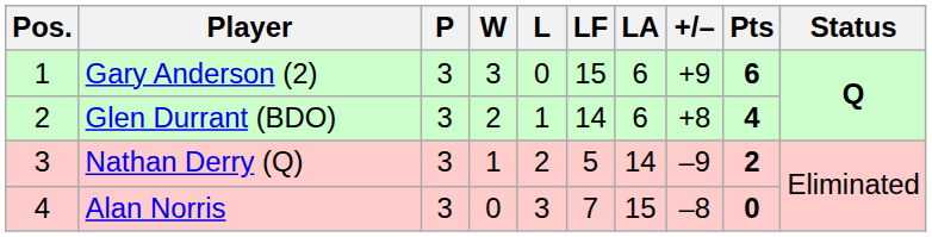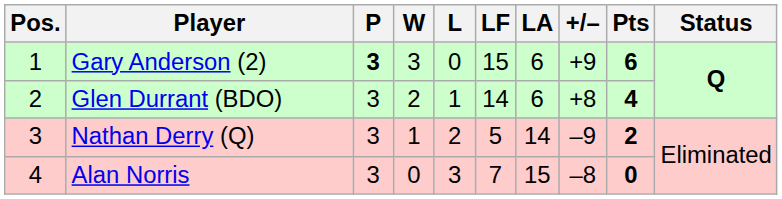 <table class="wikitable" style="text-align:center; margin: 1em auto 1em auto, align:left">
 <tr>
 <th width=20>Pos.</th>
 <th width=185>Player</th>
 <th width=20>P</th>
 <th width=20>W</th>
 <th width=20>L</th>
 <th width=20>LF</th>
 <th width=20>LA</th>
 <th width=25>+/–</th>
 <th width=20>Pts</th>
 <th width=70>Status</th>
 </tr>
 <tr style="background:#CCFFCC;">
 <td>1</td>
 <td align=left> <a href='#'>Gary Anderson</a> (2)</td>
-<td>3</td>
+<td><strong>3</strong></td>
 <td>3</td>
 <td>0</td>
 <td>15</td>
 <td>6</td>
 <td>+9</td>
 <td><strong>6</strong></td>
 <td rowspan = 2><strong>Q</strong></td>
 </tr>
 <tr style="background:#CCFFCC;">
 <td>2</td>
 <td align=left> <a href='#'>Glen Durrant</a> (BDO)</td>
 <td>3</td>
 <td>2</td>
 <td>1</td>
 <td>14</td>
 <td>6</td>
 <td>+8</td>
 <td><strong>4</strong></td>
 </tr>
 <tr style="background:#FFCCCC;">
 <td>3</td>
 <td align=left> <a href='#'>Nathan Derry</a> (Q)</td>
 <td>3</td>
 <td>1</td>
 <td>2</td>
 <td>5</td>
 <td>14</td>
 <td>–9</td>
 <td><strong>2</strong></td>
 <td rowspan = 2>Eliminated</td>
 </tr>
 <tr style="background:#FFCCCC;">
 <td>4</td>
 <td align=left> <a href='#'>Alan Norris</a></td>
 <td>3</td>
 <td>0</td>
 <td>3</td>
 <td>7</td>
 <td>15</td>
 <td>–8</td>
 <td><strong>0</strong></td>
 </tr>
 </table>
